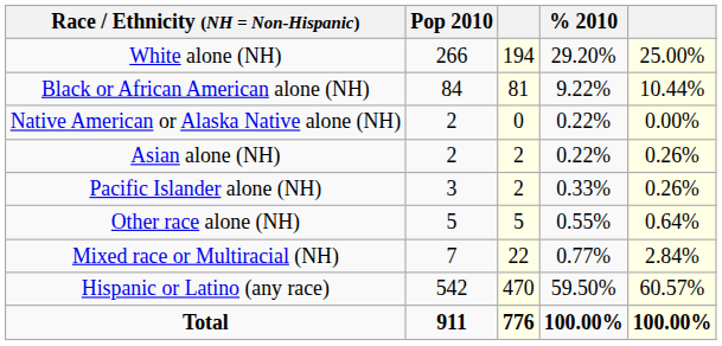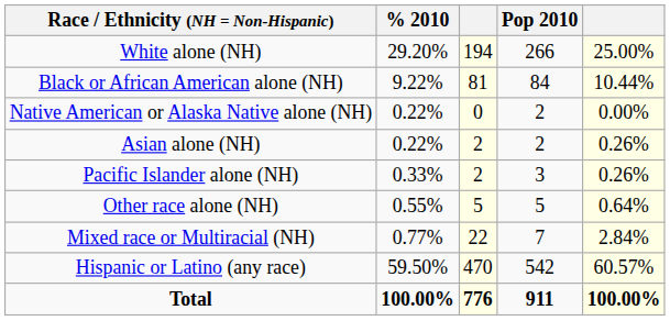 <table class="wikitable" style="text-align:center;">
 <tr>
 <th>Race / Ethnicity <small>(<em>NH = Non-Hispanic</em>)</small></th>
+<th>% 2010</th>
+<th></th>
 <th>Pop 2010</th>
-<th></th>
-<th>% 2010</th>
 <th></th>
 </tr>
 <tr>
 <td><a href='#'>White</a> alone (NH)</td>
+<td>29.20%</td>
+<td style='background: #ffffe6;'>194</td>
 <td>266</td>
-<td style='background: #ffffe6;'>194</td>
-<td>29.20%</td>
 <td style='background: #ffffe6;'>25.00%</td>
 </tr>
 <tr>
 <td><a href='#'>Black or African American</a> alone (NH)</td>
+<td>9.22%</td>
+<td style='background: #ffffe6;'>81</td>
 <td>84</td>
-<td style='background: #ffffe6;'>81</td>
-<td>9.22%</td>
 <td style='background: #ffffe6;'>10.44%</td>
 </tr>
 <tr>
 <td><a href='#'>Native American</a> or <a href='#'>Alaska Native</a> alone (NH)</td>
+<td>0.22%</td>
+<td style='background: #ffffe6;'>0</td>
 <td>2</td>
-<td style='background: #ffffe6;'>0</td>
-<td>0.22%</td>
 <td style='background: #ffffe6;'>0.00%</td>
 </tr>
 <tr>
 <td><a href='#'>Asian</a> alone (NH)</td>
+<td>0.22%</td>
+<td style='background: #ffffe6;'>2</td>
 <td>2</td>
-<td style='background: #ffffe6;'>2</td>
-<td>0.22%</td>
 <td style='background: #ffffe6;'>0.26%</td>
 </tr>
 <tr>
 <td><a href='#'>Pacific Islander</a> alone (NH)</td>
+<td>0.33%</td>
+<td style='background: #ffffe6;'>2</td>
 <td>3</td>
-<td style='background: #ffffe6;'>2</td>
-<td>0.33%</td>
 <td style='background: #ffffe6;'>0.26%</td>
 </tr>
 <tr>
 <td><a href='#'>Other race</a> alone (NH)</td>
+<td>0.55%</td>
+<td style='background: #ffffe6;'>5</td>
 <td>5</td>
-<td style='background: #ffffe6;'>5</td>
-<td>0.55%</td>
 <td style='background: #ffffe6;'>0.64%</td>
 </tr>
 <tr>
 <td><a href='#'>Mixed race or Multiracial</a> (NH)</td>
+<td>0.77%</td>
+<td style='background: #ffffe6;'>22</td>
 <td>7</td>
-<td style='background: #ffffe6;'>22</td>
-<td>0.77%</td>
 <td style='background: #ffffe6;'>2.84%</td>
 </tr>
 <tr>
 <td><a href='#'>Hispanic or Latino</a> (any race)</td>
+<td>59.50%</td>
+<td style='background: #ffffe6;'>470</td>
 <td>542</td>
-<td style='background: #ffffe6;'>470</td>
-<td>59.50%</td>
 <td style='background: #ffffe6;'>60.57%</td>
 </tr>
 <tr>
 <td><strong>Total</strong></td>
+<td><strong>100.00%</strong></td>
+<td style='background: #ffffe6;'><strong>776</strong></td>
 <td><strong>911</strong></td>
-<td style='background: #ffffe6;'><strong>776</strong></td>
-<td><strong>100.00%</strong></td>
 <td style='background: #ffffe6;'><strong>100.00%</strong></td>
 </tr>
 </table>
